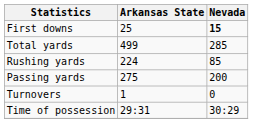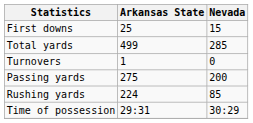 <table class="wikitable">
 <tr>
 <th>Statistics</th>
 <th>Arkansas State</th>
 <th>Nevada</th>
 </tr>
 <tr>
 <td>First downs</td>
 <td>25</td>
-<td><strong>15</strong></td>
+<td>15</td>
 </tr>
 <tr>
 <td>Total yards</td>
 <td>499</td>
 <td>285</td>
 </tr>
 <tr>
-<td>Rushing yards</td>
-<td>224</td>
-<td>85</td>
+<td>Turnovers</td>
+<td>1</td>
+<td>0</td>
 </tr>
 <tr>
 <td>Passing yards</td>
 <td>275</td>
 <td>200</td>
 </tr>
 <tr>
-<td>Turnovers</td>
-<td>1</td>
-<td>0</td>
+<td>Rushing yards</td>
+<td>224</td>
+<td>85</td>
 </tr>
 <tr>
 <td>Time of possession</td>
 <td>29:31</td>
 <td>30:29</td>
 </tr>
 <tr>
 </tr>
 </table>
